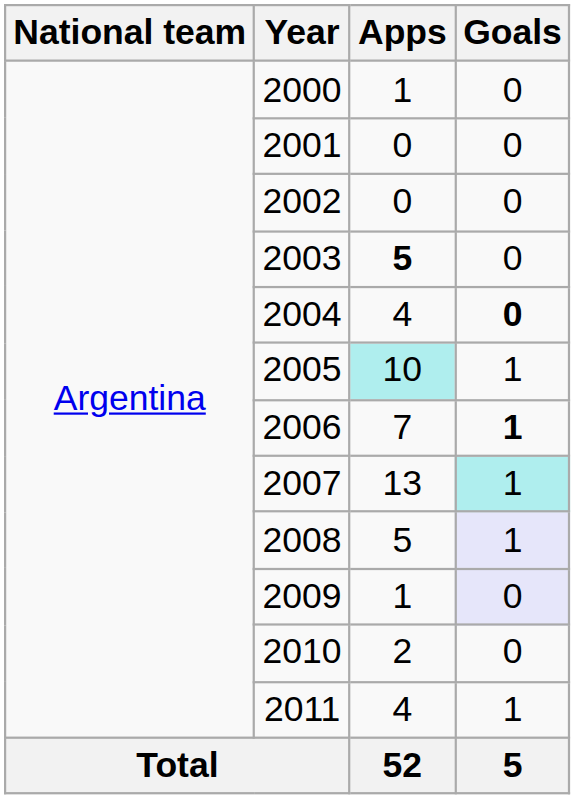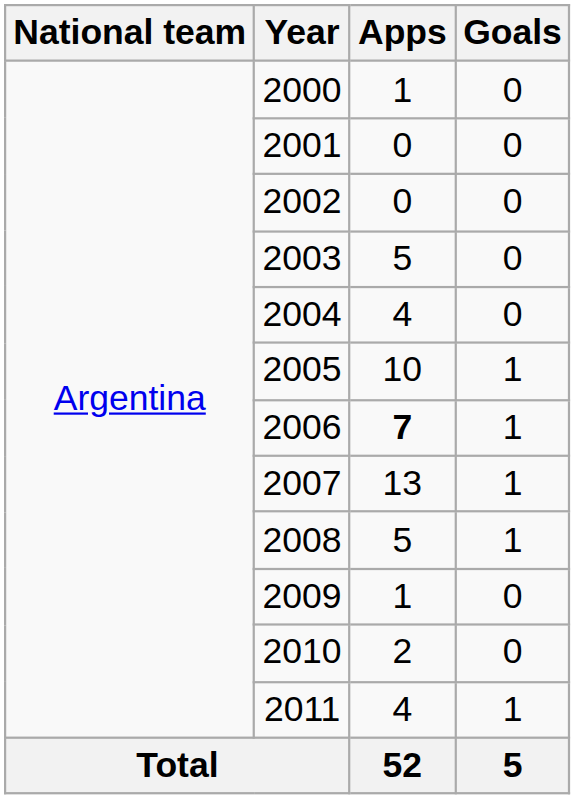 <table class="wikitable" style="text-align:center">
 <tr>
 <th>National team</th>
 <th>Year</th>
 <th>Apps</th>
 <th>Goals</th>
 </tr>
 <tr>
 <td rowspan="12"><a href='#'>Argentina</a></td>
 <td>2000</td>
 <td>1</td>
 <td>0</td>
 </tr>
 <tr>
 <td>2001</td>
 <td>0</td>
 <td>0</td>
 </tr>
 <tr>
 <td>2002</td>
 <td>0</td>
 <td>0</td>
 </tr>
 <tr>
 <td>2003</td>
-<td><strong>5</strong></td>
+<td>5</td>
 <td>0</td>
 </tr>
 <tr>
 <td>2004</td>
 <td>4</td>
-<td><strong>0</strong></td>
+<td>0</td>
 </tr>
 <tr>
 <td>2005</td>
-<td style="background: paleturquoise;">10</td>
+<td>10</td>
 <td>1</td>
 </tr>
 <tr>
 <td>2006</td>
-<td>7</td>
-<td><strong>1</strong></td>
+<td><strong>7</strong></td>
+<td>1</td>
 </tr>
 <tr>
 <td>2007</td>
 <td>13</td>
-<td style="background: paleturquoise;">1</td>
+<td>1</td>
 </tr>
 <tr>
 <td>2008</td>
 <td>5</td>
-<td style="background: lavender;">1</td>
+<td>1</td>
 </tr>
 <tr>
 <td>2009</td>
 <td>1</td>
-<td style="background: lavender;">0</td>
+<td>0</td>
 </tr>
 <tr>
 <td>2010</td>
 <td>2</td>
 <td>0</td>
 </tr>
 <tr>
 <td>2011</td>
 <td>4</td>
 <td>1</td>
 </tr>
 <tr>
 <th colspan="2">Total</th>
 <th>52</th>
 <th>5</th>
 </tr>
 </table>
